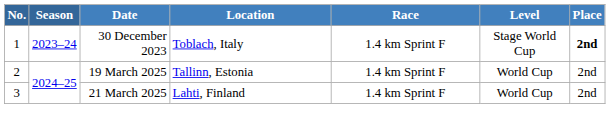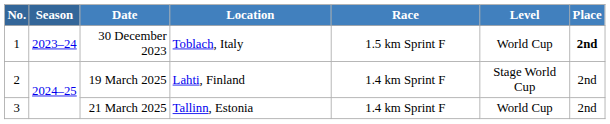 <table class="wikitable sortable" style="font-size:95%; text-align:center; border:grey solid 1px; border-collapse:collapse; background:#ffffff;">
 <tr style="background:#efefef;">
 <th style="background-color:#369; color:white;">No.</th>
 <th style="background-color:#369; color:white;">Season</th>
 <th style="background-color:#4180be; color:white; width:100px;">Date</th>
 <th style="background-color:#4180be; color:white; width:185px;">Location</th>
 <th style="background-color:#4180be; color:white; width:170px;">Race</th>
 <th style="background-color:#4180be; color:white; width:100px;">Level</th>
 <th style="background-color:#4180be; color:white;">Place</th>
 </tr>
 <tr>
 <td align=center>1</td>
 <td align="center"><a href='#'>2023–24</a></td>
 <td align=right>30 December 2023</td>
 <td align=left> <a href='#'>Toblach</a>, Italy</td>
-<td>1.4 km Sprint F</td>
-<td>Stage World Cup</td>
+<td>1.5 km Sprint F</td>
+<td>World Cup</td>
 <td><strong>2nd</strong></td>
 </tr>
 <tr>
 <td align=center>2</td>
 <td align="center" rowspan=2><a href='#'>2024–25</a></td>
 <td align=right>19 March 2025</td>
+<td align=left> <a href='#'>Lahti</a>, Finland</td>
+<td>1.4 km Sprint F</td>
+<td>Stage World Cup</td>
+<td>2nd</td>
+</tr>
+<tr>
+<td align=center>3</td>
+<td align=right>21 March 2025</td>
 <td align=left> <a href='#'>Tallinn</a>, Estonia</td>
 <td>1.4 km Sprint F</td>
 <td>World Cup</td>
 <td>2nd</td>
 </tr>
-<tr>
-<td align=center>3</td>
-<td align=right>21 March 2025</td>
-<td align=left> <a href='#'>Lahti</a>, Finland</td>
-<td>1.4 km Sprint F</td>
-<td>World Cup</td>
-<td>2nd</td>
-</tr>
 </table>
